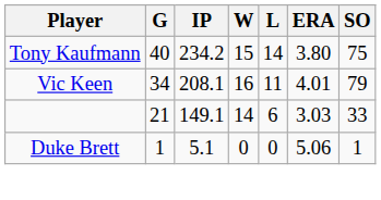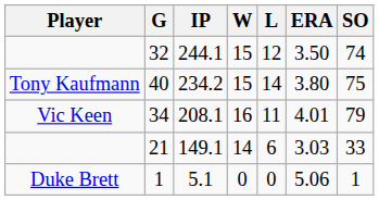 <table class="wikitable sortable" style="text-align:center;">
 <tr>
 <th>Player</th>
 <th>G</th>
 <th>IP</th>
 <th>W</th>
 <th>L</th>
 <th>ERA</th>
 <th>SO</th>
+</tr>
+<tr>
+<td></td>
+<td>32</td>
+<td>244.1</td>
+<td>15</td>
+<td>12</td>
+<td>3.50</td>
+<td>74</td>
 </tr>
 <tr>
 <td><a href='#'>Tony Kaufmann</a></td>
 <td>40</td>
 <td>234.2</td>
 <td>15</td>
 <td>14</td>
 <td>3.80</td>
 <td>75</td>
 </tr>
 <tr>
 <td><a href='#'>Vic Keen</a></td>
 <td>34</td>
 <td>208.1</td>
 <td>16</td>
 <td>11</td>
 <td>4.01</td>
 <td>79</td>
 </tr>
 <tr>
 <td></td>
 <td>21</td>
 <td>149.1</td>
 <td>14</td>
 <td>6</td>
 <td>3.03</td>
 <td>33</td>
 </tr>
 <tr>
 <td><a href='#'>Duke Brett</a></td>
 <td>1</td>
 <td>5.1</td>
 <td>0</td>
 <td>0</td>
 <td>5.06</td>
 <td>1</td>
 </tr>
 </table>
